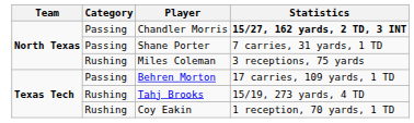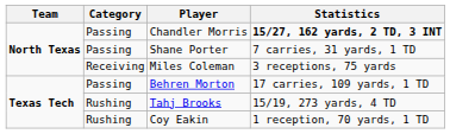 <table class="wikitable" style="float: right;">
 <tr>
 <th>Team</th>
 <th>Category</th>
 <th>Player</th>
 <th>Statistics</th>
 </tr>
 <tr>
 <td rowspan=3><strong>North Texas</strong></td>
 <td>Passing</td>
 <td>Chandler Morris</td>
 <td><strong>15/27, 162 yards, 2 TD, 3 INT</strong></td>
 </tr>
 <tr>
 <td>Passing</td>
 <td>Shane Porter</td>
 <td>7 carries, 31 yards, 1 TD</td>
 </tr>
 <tr>
-<td>Rushing</td>
+<td>Receiving</td>
 <td>Miles Coleman</td>
 <td>3 receptions, 75 yards</td>
 </tr>
 <tr>
 <td rowspan=3><strong>Texas Tech</strong></td>
 <td>Passing</td>
 <td><a href='#'>Behren Morton</a></td>
 <td>17 carries, 109 yards, 1 TD</td>
 </tr>
 <tr>
 <td>Rushing</td>
 <td><a href='#'>Tahj Brooks</a></td>
 <td>15/19, 273 yards, 4 TD</td>
 </tr>
 <tr>
 <td>Rushing</td>
 <td>Coy Eakin</td>
 <td>1 reception, 70 yards, 1 TD</td>
 </tr>
 </table>
